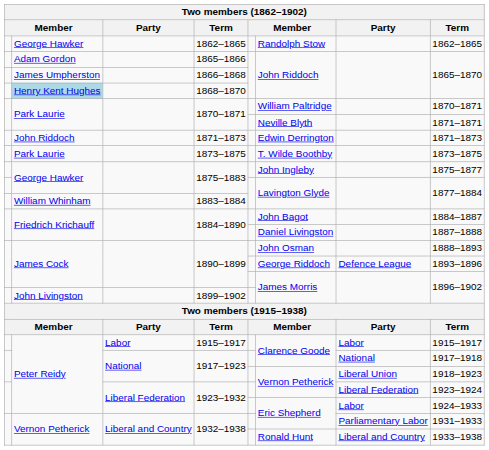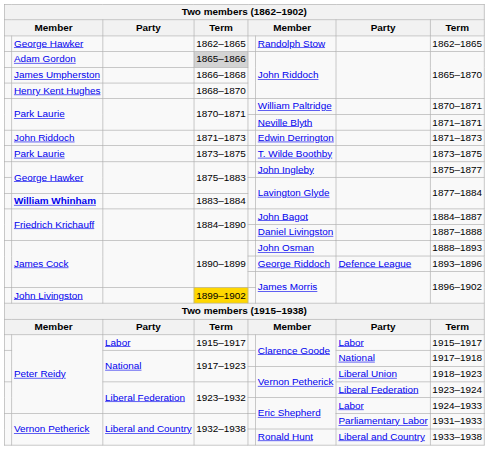 <table class="wikitable">
 <tr>
 <th colspan=8>Two members (1862–1902)</th>
 </tr>
 <tr>
 <th colspan=2>Member</th>
 <th>Party</th>
 <th>Term</th>
 <th colspan=2>Member</th>
 <th>Party</th>
 <th>Term</th>
 </tr>
 <tr>
 <td> </td>
 <td><a href='#'>George Hawker</a></td>
 <td></td>
 <td>1862–1865</td>
 <td> </td>
 <td><a href='#'>Randolph Stow</a></td>
 <td></td>
 <td>1862–1865</td>
 </tr>
 <tr>
 <td> </td>
 <td><a href='#'>Adam Gordon</a></td>
 <td></td>
-<td>1865–1866</td>
+<td style="background: lightgrey;">1865–1866</td>
 <td rowspan=3   > </td>
 <td rowspan=3><a href='#'>John Riddoch</a></td>
 <td rowspan=3></td>
 <td rowspan=3>1865–1870</td>
 </tr>
 <tr>
 <td> </td>
 <td><a href='#'>James Umpherston</a></td>
 <td></td>
 <td>1866–1868</td>
 </tr>
 <tr>
 <td> </td>
-<td style="background: lightblue;"><a href='#'>Henry Kent Hughes</a></td>
+<td><a href='#'>Henry Kent Hughes</a></td>
 <td></td>
 <td>1868–1870</td>
 </tr>
 <tr>
 <td rowspan=2   > </td>
 <td rowspan=2><a href='#'>Park Laurie</a></td>
 <td rowspan=2></td>
 <td rowspan=2>1870–1871</td>
 <td> </td>
 <td><a href='#'>William Paltridge</a></td>
 <td></td>
 <td>1870–1871</td>
 </tr>
 <tr>
 <td> </td>
 <td><a href='#'>Neville Blyth</a></td>
 <td></td>
 <td>1871–1871</td>
 </tr>
 <tr>
 <td> </td>
 <td><a href='#'>John Riddoch</a></td>
 <td></td>
 <td>1871–1873</td>
 <td> </td>
 <td><a href='#'>Edwin Derrington</a></td>
 <td></td>
 <td>1871–1873</td>
 </tr>
 <tr>
 <td> </td>
 <td><a href='#'>Park Laurie</a></td>
 <td></td>
 <td>1873–1875</td>
 <td> </td>
 <td><a href='#'>T. Wilde Boothby</a></td>
 <td></td>
 <td>1873–1875</td>
 </tr>
 <tr>
 <td> </td>
 <td rowspan=2><a href='#'>George Hawker</a></td>
 <td rowspan=2></td>
 <td rowspan=2>1875–1883</td>
 <td> </td>
 <td><a href='#'>John Ingleby</a></td>
 <td></td>
 <td>1875–1877</td>
 </tr>
 <tr>
 <td> </td>
 <td rowspan=2   > </td>
 <td rowspan=2><a href='#'>Lavington Glyde</a></td>
 <td rowspan=2></td>
 <td rowspan=2>1877–1884</td>
 </tr>
 <tr>
 <td> </td>
-<td><a href='#'>William Whinham</a></td>
+<td><strong><a href='#'>William Whinham</a></strong></td>
 <td></td>
 <td>1883–1884</td>
 </tr>
 <tr>
 <td rowspan=3   > </td>
 <td rowspan=3><a href='#'>Friedrich Krichauff</a></td>
 <td rowspan=3></td>
 <td rowspan=3>1884–1890</td>
 <td> </td>
 <td><a href='#'>John Bagot</a></td>
 <td></td>
 <td>1884–1887</td>
 </tr>
 <tr>
 <td> </td>
 <td><a href='#'>Daniel Livingston</a></td>
 <td></td>
 <td>1887–1888</td>
 </tr>
 <tr>
 <td rowspan=2 > </td>
 <td rowspan=2><a href='#'>John Osman</a></td>
 <td rowspan=2></td>
 <td rowspan=2>1888–1893</td>
 </tr>
 <tr>
 <td rowspan=3   > </td>
 <td rowspan=3><a href='#'>James Cock</a></td>
 <td rowspan=3></td>
 <td rowspan=3>1890–1899</td>
 </tr>
 <tr>
 <td> </td>
 <td><a href='#'>George Riddoch</a></td>
 <td><a href='#'>Defence League</a></td>
 <td>1893–1896</td>
 </tr>
 <tr>
 <td> </td>
 <td rowspan=2><a href='#'>James Morris</a></td>
 <td rowspan=2></td>
 <td rowspan=2>1896–1902</td>
 </tr>
 <tr>
 <td> </td>
 <td><a href='#'>John Livingston</a></td>
 <td></td>
-<td>1899–1902</td>
+<td style="background: gold;">1899–1902</td>
 <td> </td>
 </tr>
 <tr>
 <th colspan=8>Two members (1915–1938)</th>
 </tr>
 <tr>
 <th colspan=2>Member</th>
 <th>Party</th>
 <th>Term</th>
 <th colspan=2>Member</th>
 <th>Party</th>
 <th>Term</th>
 </tr>
 <tr>
 <td> </td>
 <td rowspan=6><a href='#'>Peter Reidy</a></td>
 <td><a href='#'>Labor</a></td>
 <td>1915–1917</td>
 <td> </td>
 <td rowspan=2><a href='#'>Clarence Goode</a></td>
 <td><a href='#'>Labor</a></td>
 <td>1915–1917</td>
 </tr>
 <tr>
 <td rowspan=2 > </td>
 <td rowspan=2><a href='#'>National</a></td>
 <td rowspan=2>1917–1923</td>
 <td> </td>
 <td><a href='#'>National</a></td>
 <td>1917–1918</td>
 </tr>
 <tr>
 <td> </td>
 <td rowspan=2><a href='#'>Vernon Petherick</a></td>
 <td><a href='#'>Liberal Union</a></td>
 <td>1918–1923</td>
 </tr>
 <tr>
 <td rowspan=3 > </td>
 <td rowspan=3><a href='#'>Liberal Federation</a></td>
 <td rowspan=3>1923–1932</td>
 <td> </td>
 <td><a href='#'>Liberal Federation</a></td>
 <td>1923–1924</td>
 </tr>
 <tr>
 <td> </td>
 <td rowspan=3><a href='#'>Eric Shepherd</a></td>
 <td><a href='#'>Labor</a></td>
 <td>1924–1933</td>
 </tr>
 <tr>
 <td rowspan=2 > </td>
 <td rowspan=2><a href='#'>Parliamentary Labor</a></td>
 <td rowspan=2>1931–1933</td>
 </tr>
 <tr>
 <td rowspan=2 > </td>
 <td rowspan=2><a href='#'>Vernon Petherick</a></td>
 <td rowspan=2><a href='#'>Liberal and Country</a></td>
 <td rowspan=2>1932–1938</td>
 </tr>
 <tr>
 <td> </td>
 <td><a href='#'>Ronald Hunt</a></td>
 <td><a href='#'>Liberal and Country</a></td>
 <td>1933–1938</td>
 </tr>
 </table>
